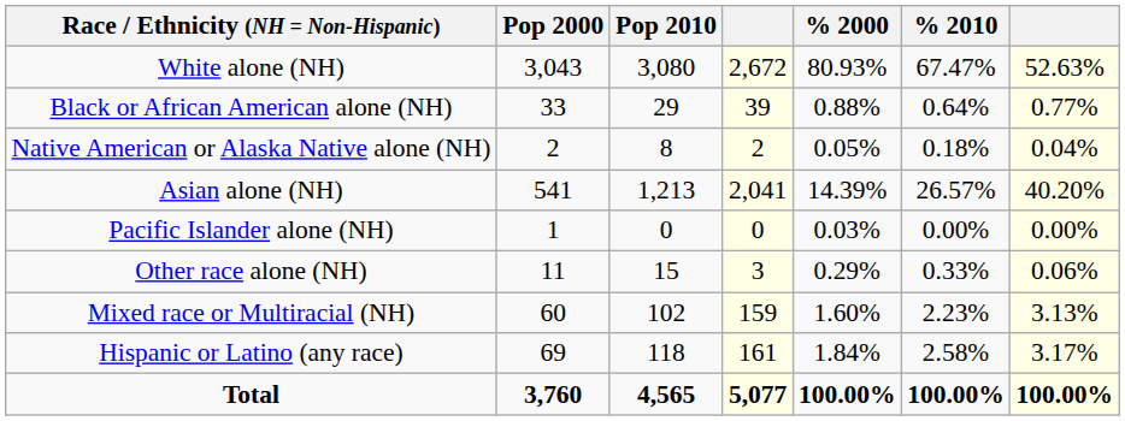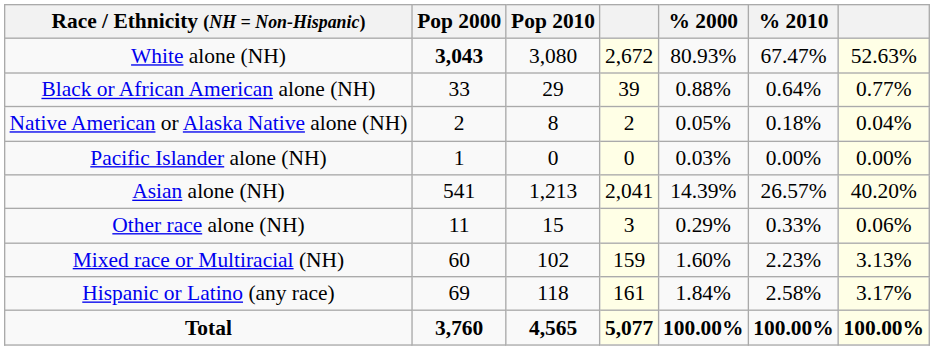 <table class="wikitable" style="text-align:center;">
 <tr>
 <th>Race / Ethnicity <small>(<em>NH = Non-Hispanic</em>)</small></th>
 <th>Pop 2000</th>
 <th>Pop 2010</th>
 <th></th>
 <th>% 2000</th>
 <th>% 2010</th>
 <th></th>
 </tr>
 <tr>
 <td><a href='#'>White</a> alone (NH)</td>
-<td>3,043</td>
+<td><strong>3,043</strong></td>
 <td>3,080</td>
 <td style='background: #ffffe6;'>2,672</td>
 <td>80.93%</td>
 <td>67.47%</td>
 <td style='background: #ffffe6;'>52.63%</td>
 </tr>
 <tr>
 <td><a href='#'>Black or African American</a> alone (NH)</td>
 <td>33</td>
 <td>29</td>
 <td style='background: #ffffe6;'>39</td>
 <td>0.88%</td>
 <td>0.64%</td>
 <td style='background: #ffffe6;'>0.77%</td>
 </tr>
 <tr>
 <td><a href='#'>Native American</a> or <a href='#'>Alaska Native</a> alone (NH)</td>
 <td>2</td>
 <td>8</td>
 <td style='background: #ffffe6;'>2</td>
 <td>0.05%</td>
 <td>0.18%</td>
 <td style='background: #ffffe6;'>0.04%</td>
 </tr>
 <tr>
+<td><a href='#'>Pacific Islander</a> alone (NH)</td>
+<td>1</td>
+<td>0</td>
+<td style='background: #ffffe6;'>0</td>
+<td>0.03%</td>
+<td>0.00%</td>
+<td style='background: #ffffe6;'>0.00%</td>
+</tr>
+<tr>
 <td><a href='#'>Asian</a> alone (NH)</td>
 <td>541</td>
 <td>1,213</td>
 <td style='background: #ffffe6;'>2,041</td>
 <td>14.39%</td>
 <td>26.57%</td>
 <td style='background: #ffffe6;'>40.20%</td>
-</tr>
-<tr>
-<td><a href='#'>Pacific Islander</a> alone (NH)</td>
-<td>1</td>
-<td>0</td>
-<td style='background: #ffffe6;'>0</td>
-<td>0.03%</td>
-<td>0.00%</td>
-<td style='background: #ffffe6;'>0.00%</td>
 </tr>
 <tr>
 <td><a href='#'>Other race</a> alone (NH)</td>
 <td>11</td>
 <td>15</td>
 <td style='background: #ffffe6;'>3</td>
 <td>0.29%</td>
 <td>0.33%</td>
 <td style='background: #ffffe6;'>0.06%</td>
 </tr>
 <tr>
 <td><a href='#'>Mixed race or Multiracial</a> (NH)</td>
 <td>60</td>
 <td>102</td>
 <td style='background: #ffffe6;'>159</td>
 <td>1.60%</td>
 <td>2.23%</td>
 <td style='background: #ffffe6;'>3.13%</td>
 </tr>
 <tr>
 <td><a href='#'>Hispanic or Latino</a> (any race)</td>
 <td>69</td>
 <td>118</td>
 <td style='background: #ffffe6;'>161</td>
 <td>1.84%</td>
 <td>2.58%</td>
 <td style='background: #ffffe6;'>3.17%</td>
 </tr>
 <tr>
 <td><strong>Total</strong></td>
 <td><strong>3,760</strong></td>
 <td><strong>4,565</strong></td>
 <td style='background: #ffffe6;'><strong>5,077</strong></td>
 <td><strong>100.00%</strong></td>
 <td><strong>100.00%</strong></td>
 <td style='background: #ffffe6;'><strong>100.00%</strong></td>
 </tr>
 </table>
